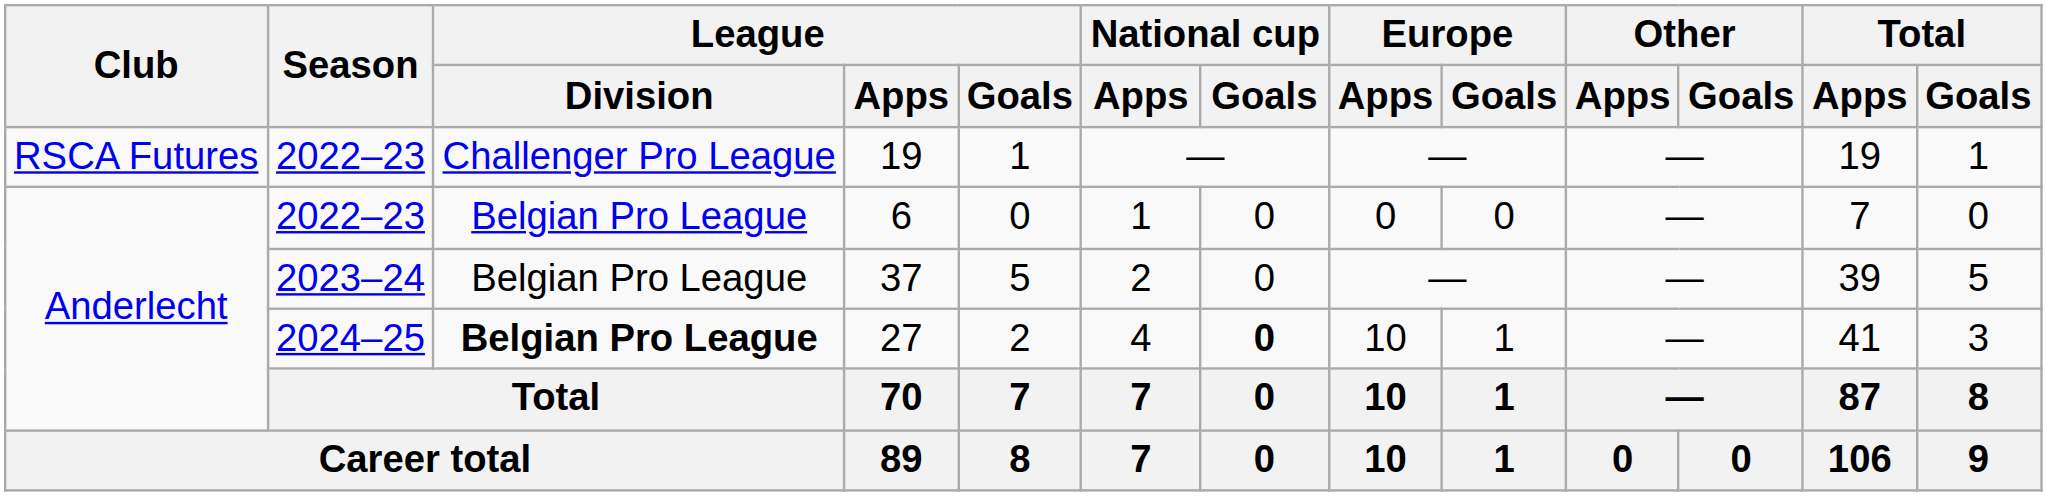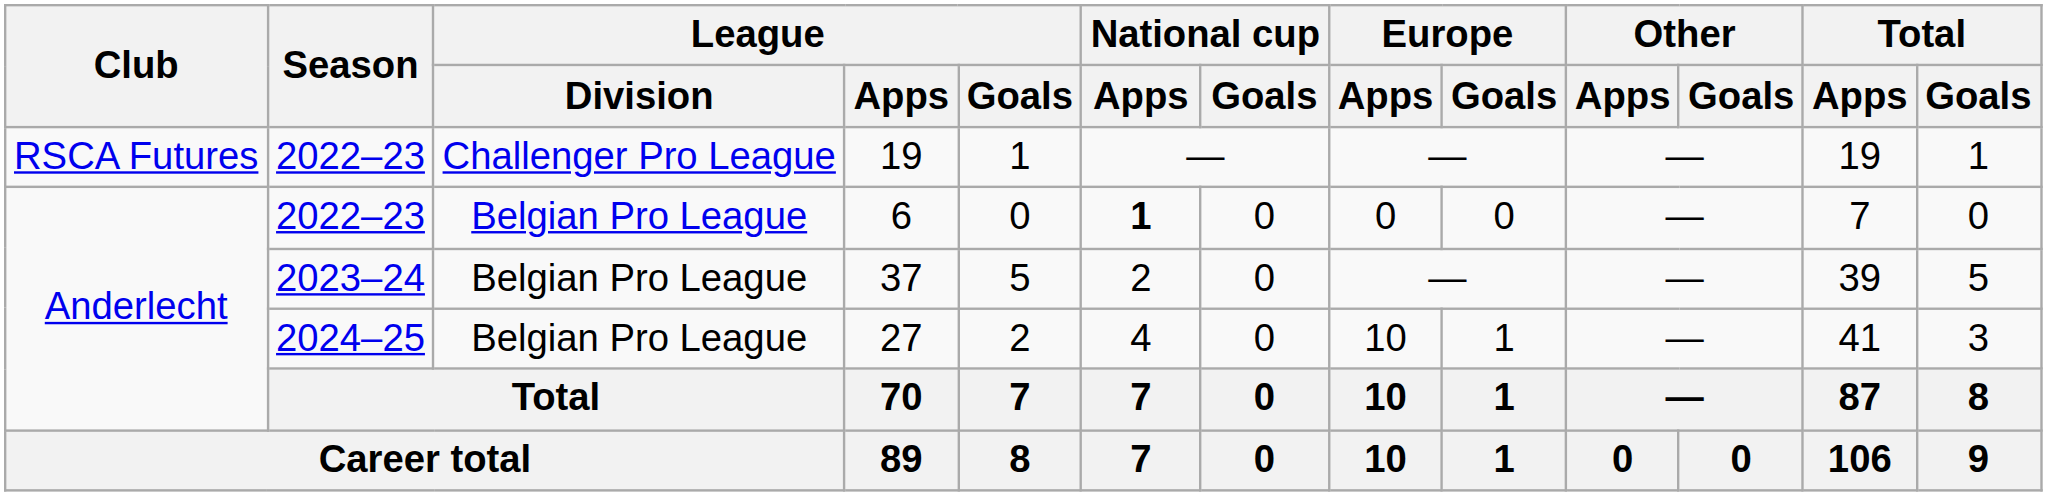 <table class=wikitable style=text-align:center>
 <tr>
 <th rowspan="2">Club</th>
 <th rowspan="2">Season</th>
 <th colspan="3">League</th>
 <th colspan="2">National cup</th>
 <th colspan="2">Europe</th>
 <th colspan="2">Other</th>
 <th colspan="2">Total</th>
 </tr>
 <tr>
 <th>Division</th>
 <th>Apps</th>
 <th>Goals</th>
 <th>Apps</th>
 <th>Goals</th>
 <th>Apps</th>
 <th>Goals</th>
 <th>Apps</th>
 <th>Goals</th>
 <th>Apps</th>
 <th>Goals</th>
 </tr>
 <tr>
 <td><a href='#'>RSCA Futures</a></td>
 <td><a href='#'>2022–23</a></td>
 <td><a href='#'>Challenger Pro League</a></td>
 <td>19</td>
 <td>1</td>
 <td colspan="2">—</td>
 <td colspan="2">—</td>
 <td colspan="2">—</td>
 <td>19</td>
 <td>1</td>
 </tr>
 <tr>
 <td rowspan="4"><a href='#'>Anderlecht</a></td>
 <td><a href='#'>2022–23</a></td>
 <td><a href='#'>Belgian Pro League</a></td>
 <td>6</td>
 <td>0</td>
-<td>1</td>
+<td><strong>1</strong></td>
 <td>0</td>
 <td>0</td>
 <td>0</td>
 <td colspan="2">—</td>
 <td>7</td>
 <td>0</td>
 </tr>
 <tr>
 <td><a href='#'>2023–24</a></td>
 <td>Belgian Pro League</td>
 <td>37</td>
 <td>5</td>
 <td>2</td>
 <td>0</td>
 <td colspan="2">—</td>
 <td colspan="2">—</td>
 <td>39</td>
 <td>5</td>
 </tr>
 <tr>
 <td><a href='#'>2024–25</a></td>
-<td><strong>Belgian Pro League</strong></td>
+<td>Belgian Pro League</td>
 <td>27</td>
 <td>2</td>
 <td>4</td>
-<td><strong>0</strong></td>
+<td>0</td>
 <td>10</td>
 <td>1</td>
 <td colspan="2">—</td>
 <td>41</td>
 <td>3</td>
 </tr>
 <tr>
 <th colspan="2">Total</th>
 <th>70</th>
 <th>7</th>
 <th>7</th>
 <th>0</th>
 <th>10</th>
 <th>1</th>
 <th colspan="2">—</th>
 <th>87</th>
 <th>8</th>
 </tr>
 <tr>
 <th colspan="3">Career total</th>
 <th>89</th>
 <th>8</th>
 <th>7</th>
 <th>0</th>
 <th>10</th>
 <th>1</th>
 <th>0</th>
 <th>0</th>
 <th>106</th>
 <th>9</th>
 </tr>
 </table>
